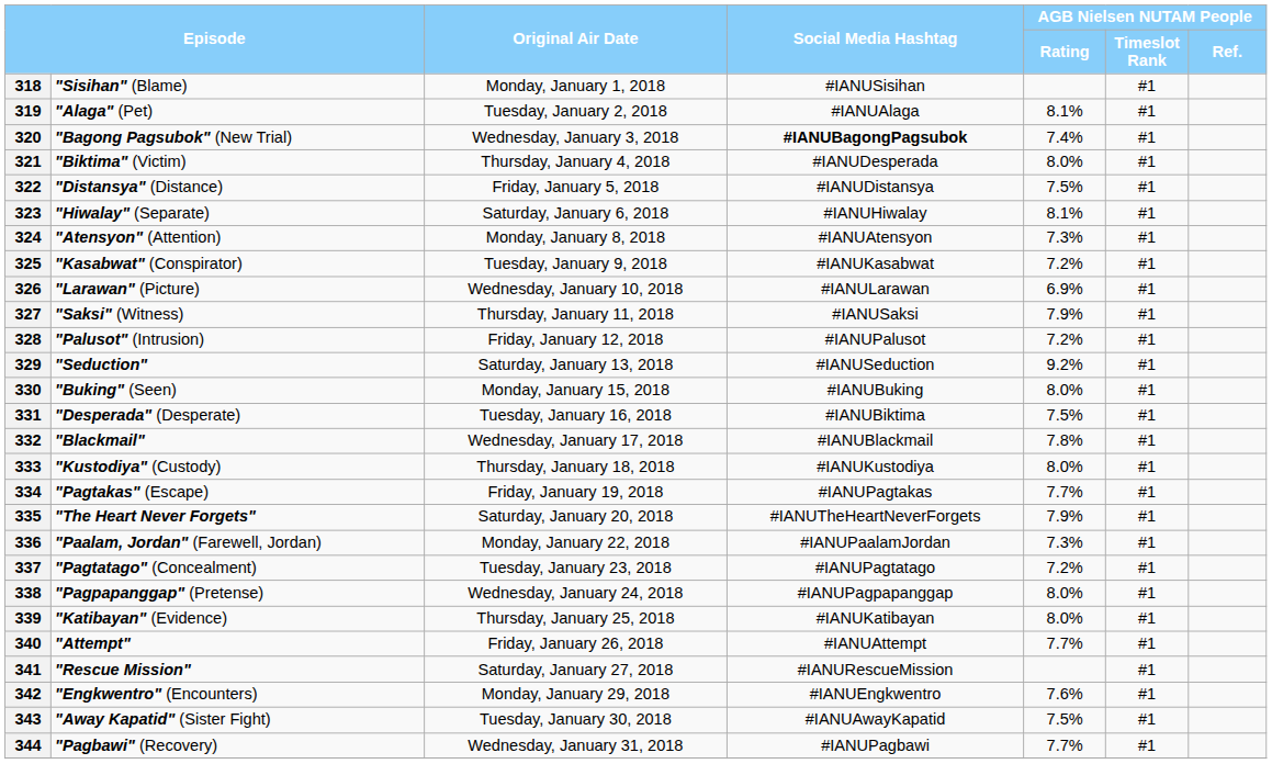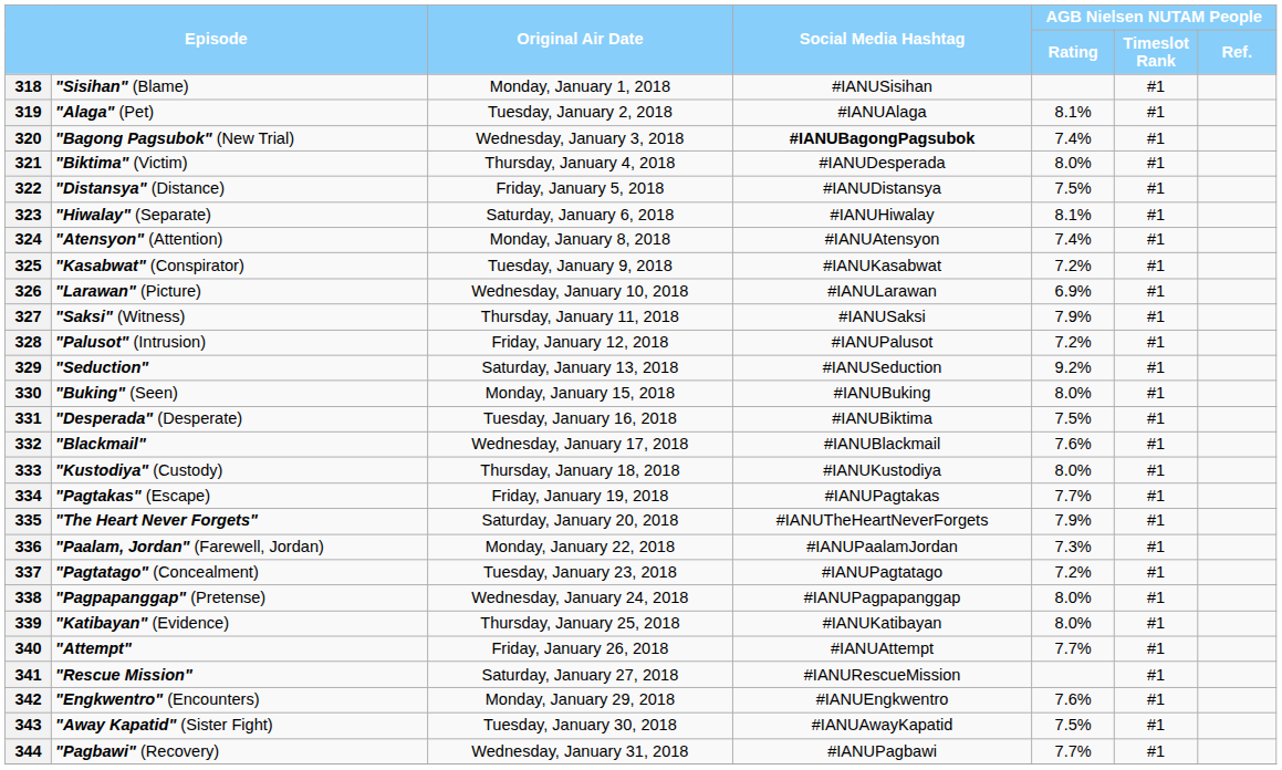 <table class="wikitable" style="text-align:center; font-size:100%; line-height:18px;"  width="100%">
 <tr>
 <th colspan="2" rowspan="2" style="background-color:#87CEFA; color:#ffffff;">Episode</th>
 <th style="background:#87CEFA; color:white" rowspan="2">Original Air Date</th>
 <th style="background:#87CEFA; color:white" rowspan="2">Social Media Hashtag</th>
 <th style="background-color:#87CEFA; color:#ffffff;" colspan="3">AGB Nielsen NUTAM People</th>
 </tr>
 <tr>
 <th style="background-color:#87CEFA; width:75px; color:#ffffff;">Rating</th>
 <th style="background-color:#87CEFA; width:75px; color:#ffffff;">Timeslot<br>Rank</th>
 <th style="background-color:#87CEFA; color:#ffffff;">Ref.</th>
 </tr>
 <tr>
 <th>318</th>
 <td style="text-align: left;"><strong><em>"Sisihan"</em></strong> (Blame)</td>
 <td>Monday, January 1, 2018</td>
 <td>#IANUSisihan</td>
 <td></td>
 <td>#1</td>
 <td></td>
 </tr>
 <tr>
 <th>319</th>
 <td style="text-align: left;"><strong><em>"Alaga"</em></strong> (Pet)</td>
 <td>Tuesday, January 2, 2018</td>
 <td>#IANUAlaga</td>
 <td>8.1%</td>
 <td>#1</td>
 <td></td>
 </tr>
 <tr>
 <th>320</th>
 <td style="text-align: left;"><strong><em>"Bagong Pagsubok"</em></strong> (New Trial)</td>
 <td>Wednesday, January 3, 2018</td>
 <td><strong>#IANUBagongPagsubok</strong></td>
 <td>7.4%</td>
 <td>#1</td>
 <td></td>
 </tr>
 <tr>
 <th>321</th>
 <td style="text-align: left;"><strong><em>"Biktima"</em></strong> (Victim)</td>
 <td>Thursday, January 4, 2018</td>
 <td>#IANUDesperada</td>
 <td>8.0%</td>
 <td>#1</td>
 <td></td>
 </tr>
 <tr>
 <th>322</th>
 <td style="text-align: left;"><strong><em>"Distansya"</em></strong> (Distance)</td>
 <td>Friday, January 5, 2018</td>
 <td>#IANUDistansya</td>
 <td>7.5%</td>
 <td>#1</td>
 <td></td>
 </tr>
 <tr>
 <th>323</th>
 <td style="text-align: left;"><strong><em>"Hiwalay"</em></strong> (Separate)</td>
 <td>Saturday, January 6, 2018</td>
 <td>#IANUHiwalay</td>
 <td>8.1%</td>
 <td>#1</td>
 <td></td>
 </tr>
 <tr>
 <th>324</th>
 <td style="text-align: left;"><strong><em>"Atensyon"</em></strong> (Attention)</td>
 <td>Monday, January 8, 2018</td>
 <td>#IANUAtensyon</td>
-<td>7.3%</td>
+<td>7.4%</td>
 <td>#1</td>
 <td></td>
 </tr>
 <tr>
 <th>325</th>
 <td style="text-align: left;"><strong><em>"Kasabwat"</em></strong> (Conspirator)</td>
 <td>Tuesday, January 9, 2018</td>
 <td>#IANUKasabwat</td>
 <td>7.2%</td>
 <td>#1</td>
 <td></td>
 </tr>
 <tr>
 <th>326</th>
 <td style="text-align: left;"><strong><em>"Larawan"</em></strong> (Picture)</td>
 <td>Wednesday, January 10, 2018</td>
 <td>#IANULarawan</td>
 <td>6.9%</td>
 <td>#1</td>
 <td></td>
 </tr>
 <tr>
 <th>327</th>
 <td style="text-align: left;"><strong><em>"Saksi"</em></strong> (Witness)</td>
 <td>Thursday, January 11, 2018</td>
 <td>#IANUSaksi</td>
 <td>7.9%</td>
 <td>#1</td>
 <td></td>
 </tr>
 <tr>
 <th>328</th>
 <td style="text-align: left;"><strong><em>"Palusot"</em></strong> (Intrusion)</td>
 <td>Friday, January 12, 2018</td>
 <td>#IANUPalusot</td>
 <td>7.2%</td>
 <td>#1</td>
 <td></td>
 </tr>
 <tr>
 <th>329</th>
 <td style="text-align: left;"><strong><em>"Seduction"</em></strong></td>
 <td>Saturday, January 13, 2018</td>
 <td>#IANUSeduction</td>
 <td>9.2%</td>
 <td>#1</td>
 <td></td>
 </tr>
 <tr>
 <th>330</th>
 <td style="text-align: left;"><strong><em>"Buking"</em></strong> (Seen)</td>
 <td>Monday, January 15, 2018</td>
 <td>#IANUBuking</td>
 <td>8.0%</td>
 <td>#1</td>
 <td></td>
 </tr>
 <tr>
 <th>331</th>
 <td style="text-align: left;"><strong><em>"Desperada"</em></strong> (Desperate)</td>
 <td>Tuesday, January 16, 2018</td>
 <td>#IANUBiktima</td>
 <td>7.5%</td>
 <td>#1</td>
 <td></td>
 </tr>
 <tr>
 <th>332</th>
 <td style="text-align: left;"><strong><em>"Blackmail"</em></strong></td>
 <td>Wednesday, January 17, 2018</td>
 <td>#IANUBlackmail</td>
-<td>7.8%</td>
+<td>7.6%</td>
 <td>#1</td>
 <td></td>
 </tr>
 <tr>
 <th>333</th>
 <td style="text-align: left;"><strong><em>"Kustodiya"</em></strong> (Custody)</td>
 <td>Thursday, January 18, 2018</td>
 <td>#IANUKustodiya</td>
 <td>8.0%</td>
 <td>#1</td>
 <td></td>
 </tr>
 <tr>
 <th>334</th>
 <td style="text-align: left;"><strong><em>"Pagtakas"</em></strong> (Escape)</td>
 <td>Friday, January 19, 2018</td>
 <td>#IANUPagtakas</td>
 <td>7.7%</td>
 <td>#1</td>
 <td></td>
 </tr>
 <tr>
 <th>335</th>
 <td style="text-align: left;"><strong><em>"The Heart Never Forgets"</em></strong></td>
 <td>Saturday, January 20, 2018</td>
 <td>#IANUTheHeartNeverForgets</td>
 <td>7.9%</td>
 <td>#1</td>
 <td></td>
 </tr>
 <tr>
 <th>336</th>
 <td style="text-align: left;"><strong><em>"Paalam, Jordan"</em></strong> (Farewell, Jordan)</td>
 <td>Monday, January 22, 2018</td>
 <td>#IANUPaalamJordan</td>
 <td>7.3%</td>
 <td>#1</td>
 <td></td>
 </tr>
 <tr>
 <th>337</th>
 <td style="text-align: left;"><strong><em>"Pagtatago"</em></strong> (Concealment)</td>
 <td>Tuesday, January 23, 2018</td>
 <td>#IANUPagtatago</td>
 <td>7.2%</td>
 <td>#1</td>
 <td></td>
 </tr>
 <tr>
 <th>338</th>
 <td style="text-align: left;"><strong><em>"Pagpapanggap"</em></strong> (Pretense)</td>
 <td>Wednesday, January 24, 2018</td>
 <td>#IANUPagpapanggap</td>
 <td>8.0%</td>
 <td>#1</td>
 <td></td>
 </tr>
 <tr>
 <th>339</th>
 <td style="text-align: left;"><strong><em>"Katibayan"</em></strong> (Evidence)</td>
 <td>Thursday, January 25, 2018</td>
 <td>#IANUKatibayan</td>
 <td>8.0%</td>
 <td>#1</td>
 <td></td>
 </tr>
 <tr>
 <th>340</th>
 <td style="text-align: left;"><strong><em>"Attempt"</em></strong></td>
 <td>Friday, January 26, 2018</td>
 <td>#IANUAttempt</td>
 <td>7.7%</td>
 <td>#1</td>
 <td></td>
 </tr>
 <tr>
 <th>341</th>
 <td style="text-align: left;"><strong><em>"Rescue Mission"</em></strong></td>
 <td>Saturday, January 27, 2018</td>
 <td>#IANURescueMission</td>
 <td></td>
 <td>#1</td>
 <td></td>
 </tr>
 <tr>
 <th>342</th>
 <td style="text-align: left;"><strong><em>"Engkwentro"</em></strong> (Encounters)</td>
 <td>Monday, January 29, 2018</td>
 <td>#IANUEngkwentro</td>
 <td>7.6%</td>
 <td>#1</td>
 <td></td>
 </tr>
 <tr>
 <th>343</th>
 <td style="text-align: left;"><strong><em>"Away Kapatid"</em></strong> (Sister Fight)</td>
 <td>Tuesday, January 30, 2018</td>
 <td>#IANUAwayKapatid</td>
 <td>7.5%</td>
 <td>#1</td>
 <td></td>
 </tr>
 <tr>
 <th>344</th>
 <td style="text-align: left;"><strong><em>"Pagbawi"</em></strong> (Recovery)</td>
 <td>Wednesday, January 31, 2018</td>
 <td>#IANUPagbawi</td>
 <td>7.7%</td>
 <td>#1</td>
 <td></td>
 </tr>
 <tr>
 </tr>
 </table>
